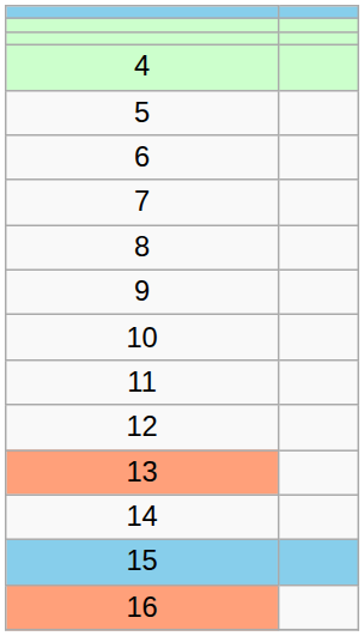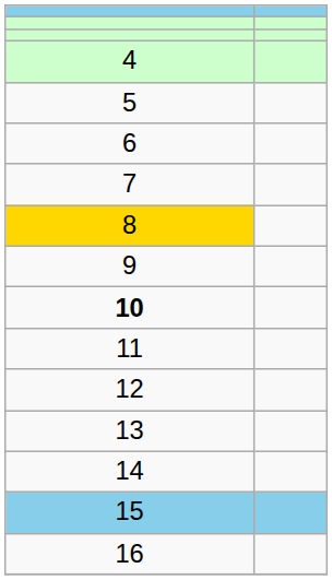 <table class="wikitable" width="200px">
 <tr bgcolor=skyblue>
 <td align=center></td>
 <td></td>
 </tr>
 <tr bgcolor=#CCFFCC>
 <td align=center></td>
 <td></td>
 </tr>
 <tr bgcolor=#CCFFCC>
 <td align=center></td>
 <td></td>
 </tr>
 <tr bgcolor=#CCFFCC>
 <td align=center>4</td>
 <td></td>
 </tr>
 <tr>
 <td align=center>5</td>
 <td></td>
 </tr>
 <tr>
 <td align=center>6</td>
 <td></td>
 </tr>
 <tr>
 <td align=center>7</td>
 <td></td>
 </tr>
 <tr>
-<td align=center>8</td>
+<td align=center style="background: gold;">8</td>
 <td></td>
 </tr>
 <tr>
 <td align=center>9</td>
 <td></td>
 </tr>
 <tr>
-<td align=center>10</td>
+<td align=center><strong>10</strong></td>
 <td></td>
 </tr>
 <tr>
 <td align=center>11</td>
 <td></td>
 </tr>
 <tr>
 <td align=center>12</td>
 <td></td>
 </tr>
 <tr>
-<td align=center style="background: lightsalmon;">13</td>
+<td align=center>13</td>
 <td></td>
 </tr>
 <tr>
 <td align=center>14</td>
 <td></td>
 </tr>
 <tr bgcolor=skyblue>
 <td align=center>15</td>
 <td></td>
 </tr>
 <tr>
-<td align=center style="background: lightsalmon;">16</td>
+<td align=center>16</td>
 <td></td>
 </tr>
 <tr>
 </tr>
 </table>
